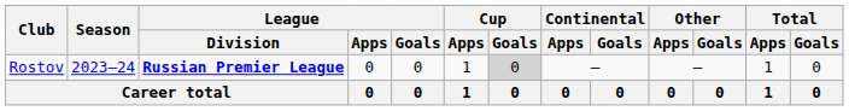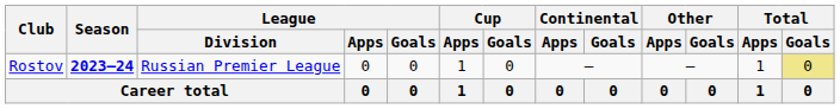 <table class="wikitable" style="text-align: center;">
 <tr>
 <th rowspan=2>Club</th>
 <th rowspan=2>Season</th>
 <th colspan=3>League</th>
 <th colspan=2>Cup</th>
 <th colspan=2>Continental</th>
 <th colspan=2>Other</th>
 <th colspan=2>Total</th>
 </tr>
 <tr>
 <th>Division</th>
 <th>Apps</th>
 <th>Goals</th>
 <th>Apps</th>
 <th>Goals</th>
 <th>Apps</th>
 <th>Goals</th>
 <th>Apps</th>
 <th>Goals</th>
 <th>Apps</th>
 <th>Goals</th>
 </tr>
 <tr>
 <td rowspan="1"><a href='#'>Rostov</a></td>
-<td><a href='#'>2023–24</a></td>
-<td><strong><a href='#'>Russian Premier League</a></strong></td>
+<td><strong><a href='#'>2023–24</a></strong></td>
+<td><a href='#'>Russian Premier League</a></td>
 <td>0</td>
 <td>0</td>
 <td>1</td>
-<td style="background: lightgrey;">0</td>
+<td>0</td>
 <td colspan=2>–</td>
 <td colspan=2>–</td>
 <td>1</td>
-<td>0</td>
+<td style="background: khaki;">0</td>
 </tr>
 <tr>
 <th colspan=3>Career total</th>
 <th>0</th>
 <th>0</th>
 <th>1</th>
 <th>0</th>
 <th>0</th>
 <th>0</th>
 <th>0</th>
 <th>0</th>
 <th>1</th>
 <th>0</th>
 </tr>
 </table>
